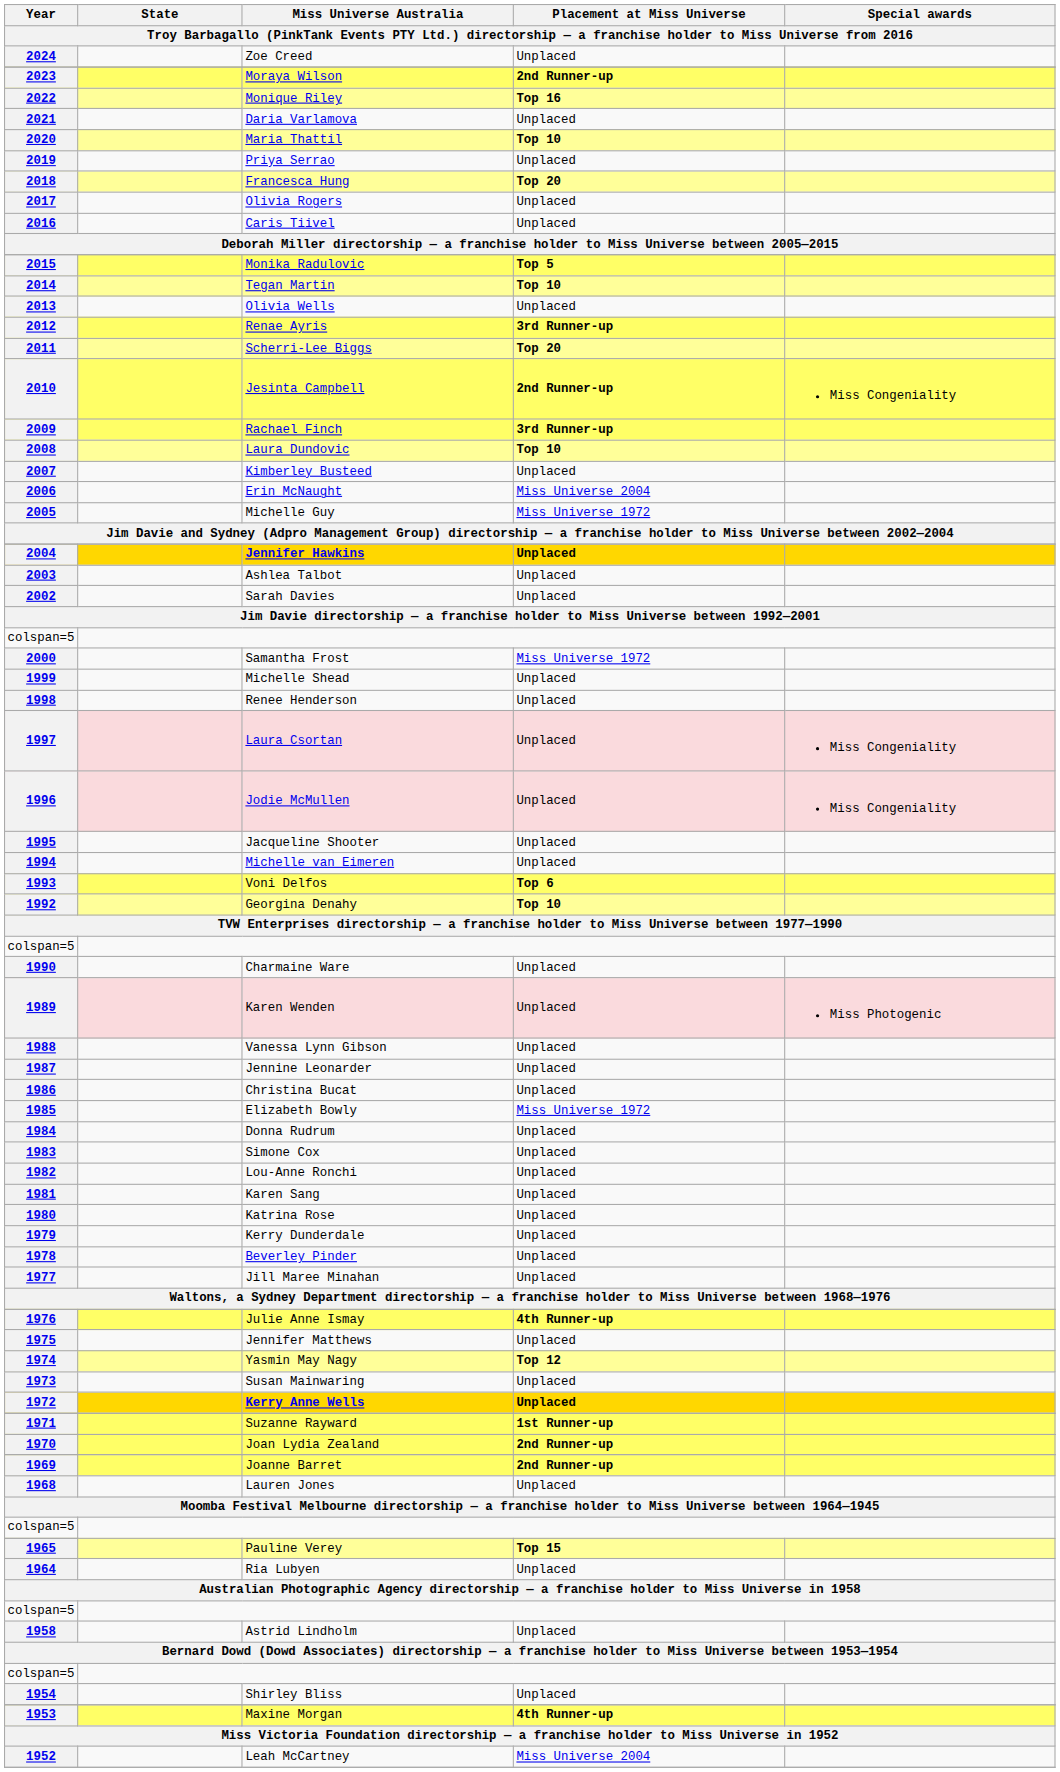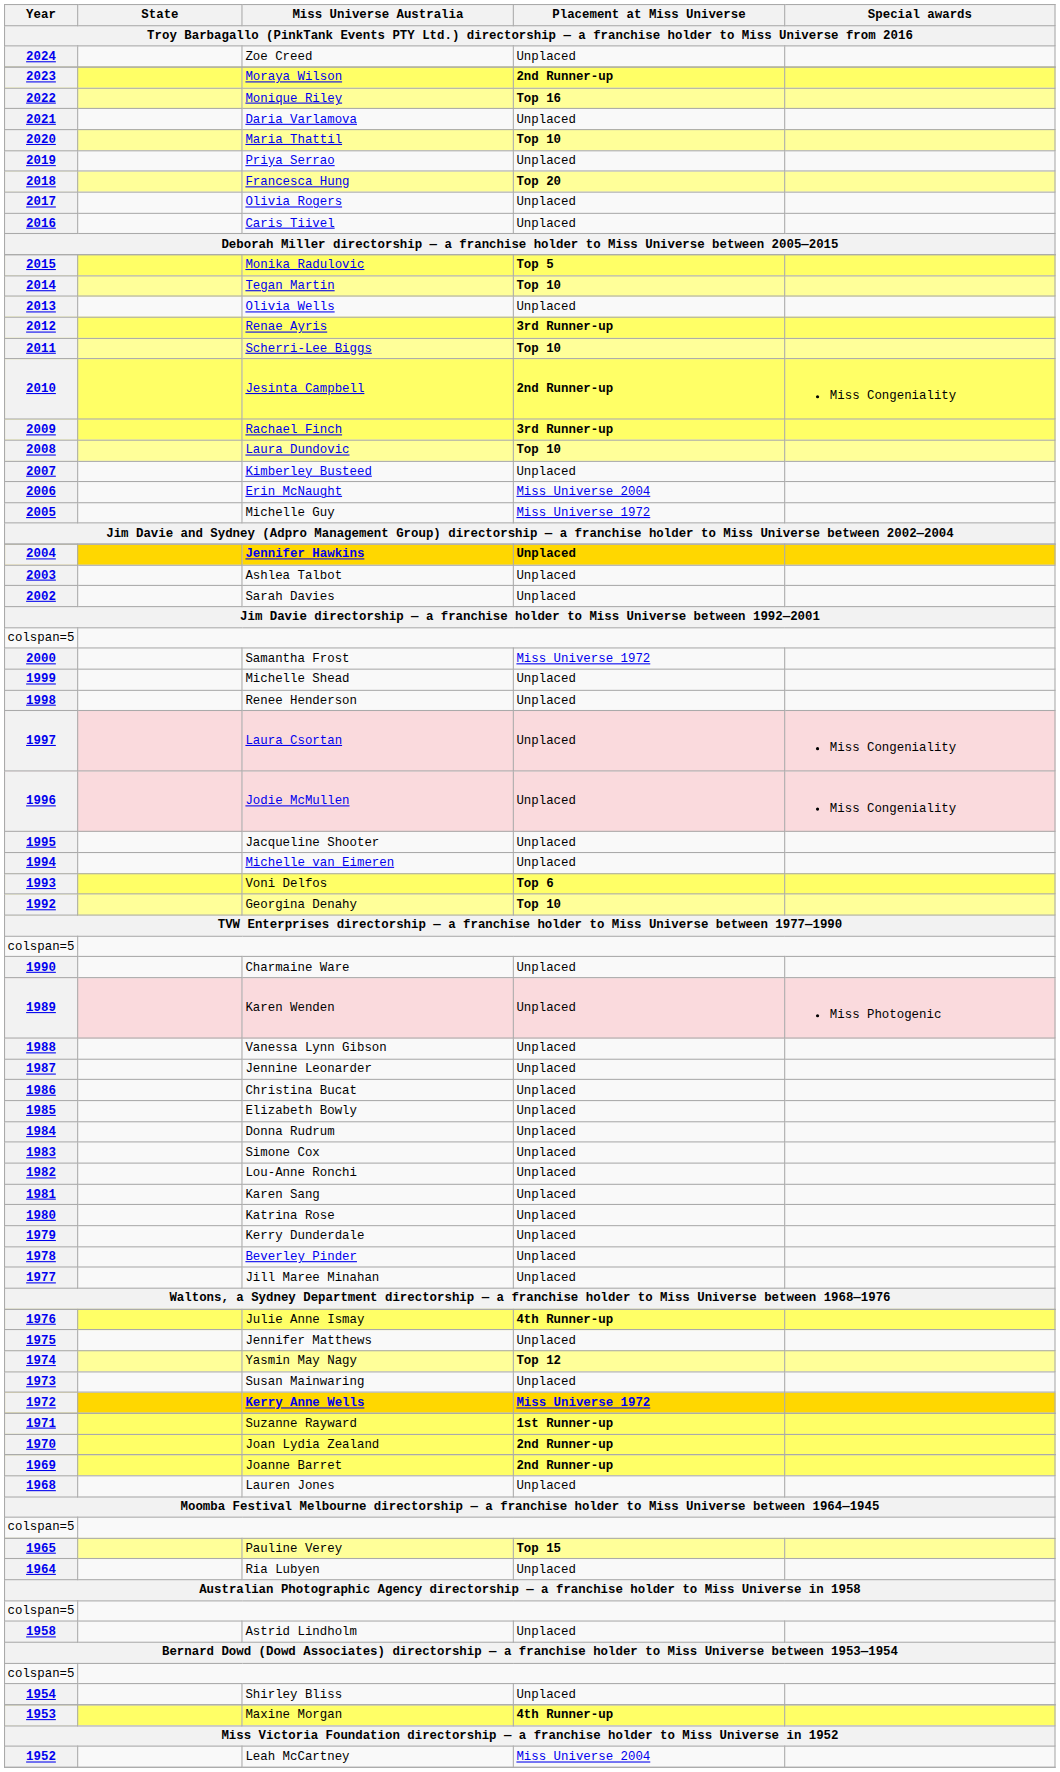 <table class="wikitable " style="font-size: 90%;">
 <tr>
 <th width="60">Year</th>
 <th width="150">State</th>
 <th width="250">Miss Universe Australia</th>
 <th width="250">Placement at Miss Universe</th>
 <th width="250">Special awards</th>
 </tr>
 <tr>
 <th colspan="5">Troy Barbagallo (PinkTank Events PTY Ltd.) directorship — a franchise holder to Miss Universe from 2016</th>
 </tr>
 <tr>
 <th><a href='#'>2024</a></th>
 <td></td>
 <td>Zoe Creed</td>
 <td>Unplaced</td>
 <td></td>
 </tr>
 <tr>
 </tr>
 <tr style="background-color:#FFFF66; ">
 <th><a href='#'>2023</a></th>
 <td></td>
 <td><a href='#'>Moraya Wilson</a></td>
 <td><strong>2nd Runner-up</strong></td>
 <td></td>
 </tr>
 <tr style="background-color:#FFFF99">
 <th><a href='#'>2022</a></th>
 <td></td>
 <td><a href='#'>Monique Riley</a></td>
 <td><strong>Top 16</strong></td>
 <td></td>
 </tr>
 <tr>
 <th><a href='#'>2021</a></th>
 <td></td>
 <td><a href='#'>Daria Varlamova</a></td>
 <td>Unplaced</td>
 <td></td>
 </tr>
 <tr style="background-color:#FFFF99">
 <th><a href='#'>2020</a></th>
 <td></td>
 <td><a href='#'>Maria Thattil</a></td>
 <td><strong>Top 10</strong></td>
 <td></td>
 </tr>
 <tr>
 <th><a href='#'>2019</a></th>
 <td></td>
 <td><a href='#'>Priya Serrao</a></td>
 <td>Unplaced</td>
 <td></td>
 </tr>
 <tr style="background-color:#FFFF99">
 <th><a href='#'>2018</a></th>
 <td></td>
 <td><a href='#'>Francesca Hung</a></td>
 <td><strong>Top 20</strong></td>
 <td></td>
 </tr>
 <tr>
 <th><a href='#'>2017</a></th>
 <td></td>
 <td><a href='#'>Olivia Rogers</a></td>
 <td>Unplaced</td>
 <td></td>
 </tr>
 <tr>
 <th><a href='#'>2016</a></th>
 <td></td>
 <td><a href='#'>Caris Tiivel</a></td>
 <td>Unplaced</td>
 <td></td>
 </tr>
 <tr>
 <th colspan="5">Deborah Miller directorship — a franchise holder to Miss Universe between 2005―2015</th>
 </tr>
 <tr>
 </tr>
 <tr style="background-color:#FFFF66; ">
 <th><a href='#'>2015</a></th>
 <td></td>
 <td><a href='#'>Monika Radulovic</a></td>
 <td><strong>Top 5</strong></td>
 <td></td>
 </tr>
 <tr style="background-color:#FFFF99; ">
 <th><a href='#'>2014</a></th>
 <td></td>
 <td><a href='#'>Tegan Martin</a></td>
 <td><strong>Top 10</strong></td>
 <td></td>
 </tr>
 <tr>
 <th><a href='#'>2013</a></th>
 <td></td>
 <td><a href='#'>Olivia Wells</a></td>
 <td>Unplaced</td>
 <td></td>
 </tr>
 <tr style="background-color:#FFFF66; ">
 <th><a href='#'>2012</a></th>
 <td></td>
 <td><a href='#'>Renae Ayris</a></td>
 <td><strong>3rd Runner-up</strong></td>
 <td></td>
 </tr>
 <tr style="background-color:#FFFF99; ">
 <th><a href='#'>2011</a></th>
 <td></td>
 <td><a href='#'>Scherri-Lee Biggs</a></td>
-<td><strong>Top 20</strong></td>
+<td><strong>Top 10</strong></td>
 <td></td>
 </tr>
 <tr style="background-color:#FFFF66; ">
 <th><a href='#'>2010</a></th>
 <td></td>
 <td><a href='#'>Jesinta Campbell</a></td>
 <td><strong>2nd Runner-up</strong></td>
 <td><br><ul><li>Miss Congeniality</li></ul></td>
 </tr>
 <tr style="background-color:#FFFF66; ">
 <th><a href='#'>2009</a></th>
 <td></td>
 <td><a href='#'>Rachael Finch</a></td>
 <td><strong>3rd Runner-up</strong></td>
 <td></td>
 </tr>
 <tr style="background-color:#FFFF99; ">
 <th><a href='#'>2008</a></th>
 <td></td>
 <td><a href='#'>Laura Dundovic</a></td>
 <td><strong>Top 10</strong></td>
 <td></td>
 </tr>
 <tr>
 <th><a href='#'>2007</a></th>
 <td></td>
 <td><a href='#'>Kimberley Busteed</a></td>
 <td>Unplaced</td>
 <td></td>
 </tr>
 <tr>
 <th><a href='#'>2006</a></th>
 <td></td>
 <td><a href='#'>Erin McNaught</a></td>
 <td><a href='#'>Miss Universe 2004</a></td>
 <td></td>
 </tr>
 <tr>
 <th><a href='#'>2005</a></th>
 <td></td>
 <td>Michelle Guy</td>
 <td><a href='#'>Miss Universe 1972</a></td>
 <td></td>
 </tr>
 <tr>
 <th colspan="5">Jim Davie and Sydney (Adpro Management Group) directorship — a franchise holder to Miss Universe between 2002―2004</th>
 </tr>
 <tr>
 </tr>
 <tr style="background-color:gold; font-weight: bold ">
 <th><a href='#'>2004</a></th>
 <td></td>
 <td><a href='#'>Jennifer Hawkins</a></td>
 <td>Unplaced</td>
 <td></td>
 </tr>
 <tr>
 <th><a href='#'>2003</a></th>
 <td></td>
 <td>Ashlea Talbot</td>
 <td>Unplaced</td>
 <td></td>
 </tr>
 <tr>
 <th><a href='#'>2002</a></th>
 <td></td>
 <td>Sarah Davies</td>
 <td>Unplaced</td>
 <td></td>
 </tr>
 <tr>
 <th colspan="5">Jim Davie directorship — a franchise holder to Miss Universe between 1992―2001</th>
 </tr>
 <tr>
 <td>colspan=5 </td>
 </tr>
 <tr>
 <th><a href='#'>2000</a></th>
 <td></td>
 <td>Samantha Frost</td>
 <td><a href='#'>Miss Universe 1972</a></td>
 <td></td>
 </tr>
 <tr>
 <th><a href='#'>1999</a></th>
 <td></td>
 <td>Michelle Shead</td>
 <td>Unplaced</td>
 <td></td>
 </tr>
 <tr>
 <th><a href='#'>1998</a></th>
 <td></td>
 <td>Renee Henderson</td>
 <td>Unplaced</td>
 <td></td>
 </tr>
 <tr style="background-color:#FADADD; ">
 <th><a href='#'>1997</a></th>
 <td></td>
 <td><a href='#'>Laura Csortan</a></td>
 <td>Unplaced</td>
 <td><br><ul><li>Miss Congeniality</li></ul></td>
 </tr>
 <tr style="background-color:#FADADD; ">
 <th><a href='#'>1996</a></th>
 <td></td>
 <td><a href='#'>Jodie McMullen</a></td>
 <td>Unplaced</td>
 <td><br><ul><li>Miss Congeniality</li></ul></td>
 </tr>
 <tr>
 <th><a href='#'>1995</a></th>
 <td></td>
 <td>Jacqueline Shooter</td>
 <td>Unplaced</td>
 <td></td>
 </tr>
 <tr>
 <th><a href='#'>1994</a></th>
 <td></td>
 <td><a href='#'>Michelle van Eimeren</a></td>
 <td>Unplaced</td>
 <td></td>
 </tr>
 <tr style="background-color:#FFFF66; ">
 <th><a href='#'>1993</a></th>
 <td></td>
 <td>Voni Delfos</td>
 <td><strong>Top 6</strong></td>
 <td></td>
 </tr>
 <tr style="background-color:#FFFF99; ">
 <th><a href='#'>1992</a></th>
 <td></td>
 <td>Georgina Denahy</td>
 <td><strong>Top 10</strong></td>
 <td></td>
 </tr>
 <tr>
 <th colspan="5">TVW Enterprises directorship — a franchise holder to Miss Universe between 1977―1990</th>
 </tr>
 <tr>
 <td>colspan=5 </td>
 </tr>
 <tr>
 <th><a href='#'>1990</a></th>
 <td></td>
 <td>Charmaine Ware</td>
 <td>Unplaced</td>
 <td></td>
 </tr>
 <tr style="background-color:#FADADD; ">
 <th><a href='#'>1989</a></th>
 <td></td>
 <td>Karen Wenden</td>
 <td>Unplaced</td>
 <td><br><ul><li>Miss Photogenic</li></ul></td>
 </tr>
 <tr>
 <th><a href='#'>1988</a></th>
 <td></td>
 <td>Vanessa Lynn Gibson</td>
 <td>Unplaced</td>
 <td></td>
 </tr>
 <tr>
 <th><a href='#'>1987</a></th>
 <td></td>
 <td>Jennine Leonarder</td>
 <td>Unplaced</td>
 <td></td>
 </tr>
 <tr>
 <th><a href='#'>1986</a></th>
 <td></td>
 <td>Christina Bucat</td>
 <td>Unplaced</td>
 <td></td>
 </tr>
 <tr>
 <th><a href='#'>1985</a></th>
 <td></td>
 <td>Elizabeth Bowly</td>
-<td><a href='#'>Miss Universe 1972</a></td>
+<td>Unplaced</td>
 <td></td>
 </tr>
 <tr>
 <th><a href='#'>1984</a></th>
 <td></td>
 <td>Donna Rudrum</td>
 <td>Unplaced</td>
 <td></td>
 </tr>
 <tr>
 <th><a href='#'>1983</a></th>
 <td></td>
 <td>Simone Cox</td>
 <td>Unplaced</td>
 <td></td>
 </tr>
 <tr>
 <th><a href='#'>1982</a></th>
 <td></td>
 <td>Lou-Anne Ronchi</td>
 <td>Unplaced</td>
 <td></td>
 </tr>
 <tr>
 <th><a href='#'>1981</a></th>
 <td></td>
 <td>Karen Sang</td>
 <td>Unplaced</td>
 <td></td>
 </tr>
 <tr>
 <th><a href='#'>1980</a></th>
 <td></td>
 <td>Katrina Rose</td>
 <td>Unplaced</td>
 <td></td>
 </tr>
 <tr>
 <th><a href='#'>1979</a></th>
 <td></td>
 <td>Kerry Dunderdale</td>
 <td>Unplaced</td>
 <td></td>
 </tr>
 <tr>
 <th><a href='#'>1978</a></th>
 <td></td>
 <td><a href='#'>Beverley Pinder</a></td>
 <td>Unplaced</td>
 <td></td>
 </tr>
 <tr>
 <th><a href='#'>1977</a></th>
 <td></td>
 <td>Jill Maree Minahan</td>
 <td>Unplaced</td>
 <td></td>
 </tr>
 <tr>
 <th colspan="5">Waltons, a Sydney Department directorship — a franchise holder to Miss Universe between 1968―1976</th>
 </tr>
 <tr>
 </tr>
 <tr style="background-color:#FFFF66; ">
 <th><a href='#'>1976</a></th>
 <td></td>
 <td>Julie Anne Ismay</td>
 <td><strong>4th Runner-up</strong></td>
 <td></td>
 </tr>
 <tr>
 <th><a href='#'>1975</a></th>
 <td></td>
 <td>Jennifer Matthews</td>
 <td>Unplaced</td>
 <td></td>
 </tr>
 <tr style="background-color:#FFFF99; ">
 <th><a href='#'>1974</a></th>
 <td></td>
 <td>Yasmin May Nagy</td>
 <td><strong>Top 12</strong></td>
 <td></td>
 </tr>
 <tr>
 <th><a href='#'>1973</a></th>
 <td></td>
 <td>Susan Mainwaring</td>
 <td>Unplaced</td>
 <td></td>
 </tr>
 <tr style="background-color:gold; font-weight: bold ">
 <th><a href='#'>1972</a></th>
 <td></td>
 <td><a href='#'>Kerry Anne Wells</a></td>
-<td>Unplaced</td>
+<td><a href='#'>Miss Universe 1972</a></td>
 <td></td>
 </tr>
 <tr>
 </tr>
 <tr style="background-color:#FFFF66; ">
 <th><a href='#'>1971</a></th>
 <td></td>
 <td>Suzanne Rayward</td>
 <td><strong>1st Runner-up</strong></td>
 <td></td>
 </tr>
 <tr>
 </tr>
 <tr style="background-color:#FFFF66; ">
 <th><a href='#'>1970</a></th>
 <td></td>
 <td>Joan Lydia Zealand</td>
 <td><strong>2nd Runner-up</strong></td>
 <td></td>
 </tr>
 <tr>
 </tr>
 <tr style="background-color:#FFFF66; ">
 <th><a href='#'>1969</a></th>
 <td></td>
 <td>Joanne Barret</td>
 <td><strong>2nd Runner-up</strong></td>
 <td></td>
 </tr>
 <tr>
 <th><a href='#'>1968</a></th>
 <td></td>
 <td>Lauren Jones</td>
 <td>Unplaced</td>
 <td></td>
 </tr>
 <tr>
 <th colspan="5">Moomba Festival Melbourne directorship — a franchise holder to Miss Universe between 1964―1945</th>
 </tr>
 <tr>
 <td>colspan=5 </td>
 </tr>
 <tr>
 </tr>
 <tr style="background-color:#FFFF99; ">
 <th><a href='#'>1965</a></th>
 <td></td>
 <td>Pauline Verey</td>
 <td><strong>Top 15</strong></td>
 <td></td>
 </tr>
 <tr>
 <th><a href='#'>1964</a></th>
 <td></td>
 <td>Ria Lubyen</td>
 <td>Unplaced</td>
 <td></td>
 </tr>
 <tr>
 <th colspan="5">Australian Photographic Agency directorship — a franchise holder to Miss Universe in 1958</th>
 </tr>
 <tr>
 <td>colspan=5 </td>
 </tr>
 <tr>
 <th><a href='#'>1958</a></th>
 <td></td>
 <td>Astrid Lindholm</td>
 <td>Unplaced</td>
 <td></td>
 </tr>
 <tr>
 <th colspan="5">Bernard Dowd (Dowd Associates) directorship — a franchise holder to Miss Universe between 1953―1954</th>
 </tr>
 <tr>
 <td>colspan=5 </td>
 </tr>
 <tr>
 <th><a href='#'>1954</a></th>
 <td></td>
 <td>Shirley Bliss</td>
 <td>Unplaced</td>
 <td></td>
 </tr>
 <tr>
 </tr>
 <tr style="background-color:#FFFF66; ">
 <th><a href='#'>1953</a></th>
 <td></td>
 <td>Maxine Morgan</td>
 <td><strong>4th Runner-up</strong></td>
 <td></td>
 </tr>
 <tr>
 <th colspan="5">Miss Victoria Foundation directorship — a franchise holder to Miss Universe in 1952</th>
 </tr>
 <tr>
 <th><a href='#'>1952</a></th>
 <td></td>
 <td>Leah McCartney</td>
 <td><a href='#'>Miss Universe 2004</a></td>
 <td></td>
 </tr>
 <tr>
 </tr>
 </table>
